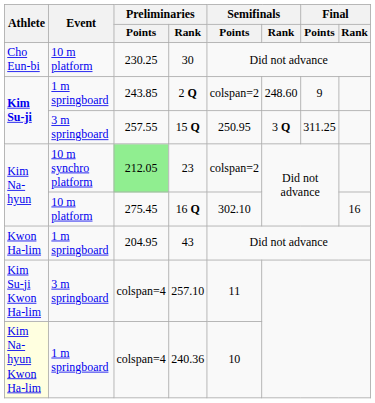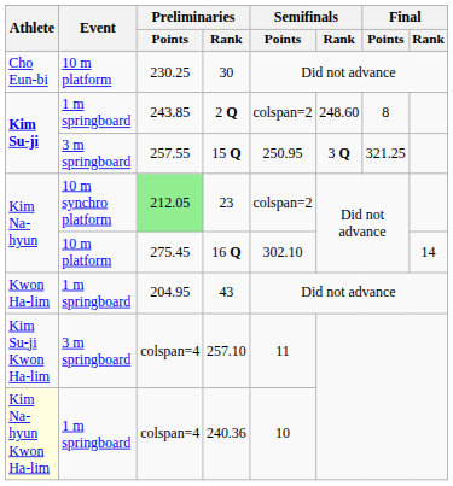 <table class="wikitable" style="text-align:center; font-size:90%; width:50%;">
 <tr>
 <th rowspan=2>Athlete</th>
 <th rowspan=2>Event</th>
 <th colspan=2>Preliminaries</th>
 <th colspan=2>Semifinals</th>
 <th colspan=2>Final</th>
 </tr>
 <tr style="font-size:95%">
 <th>Points</th>
 <th>Rank</th>
 <th>Points</th>
 <th>Rank</th>
 <th>Points</th>
 <th>Rank</th>
 </tr>
 <tr>
 <td align=left><a href='#'>Cho Eun-bi</a></td>
 <td align=left><a href='#'>10 m platform</a></td>
 <td>230.25</td>
 <td>30</td>
 <td colspan=4>Did not advance</td>
 </tr>
 <tr>
 <td align=left rowspan=2><strong><a href='#'>Kim Su-ji</a></strong></td>
 <td align=left><a href='#'>1 m springboard</a></td>
 <td>243.85</td>
 <td>2 <strong>Q</strong></td>
 <td>colspan=2 </td>
 <td>248.60</td>
-<td>9</td>
+<td>8</td>
 </tr>
 <tr>
 <td align=left><a href='#'>3 m springboard</a></td>
 <td>257.55</td>
 <td>15 <strong>Q</strong></td>
 <td>250.95</td>
 <td>3 <strong>Q</strong></td>
-<td>311.25</td>
+<td>321.25</td>
 <td></td>
 </tr>
 <tr>
 <td align=left rowspan=2><a href='#'>Kim Na-hyun</a></td>
 <td align=left><a href='#'>10 m synchro platform</a></td>
 <td style="background: lightgreen;">212.05</td>
 <td>23</td>
 <td>colspan=2 </td>
 <td colspan=2 rowspan=2>Did not advance</td>
 </tr>
 <tr>
 <td align=left><a href='#'>10 m platform</a></td>
 <td>275.45</td>
 <td>16 <strong>Q</strong></td>
 <td>302.10</td>
-<td>16</td>
+<td>14</td>
 </tr>
 <tr>
 <td align=left><a href='#'>Kwon Ha-lim</a></td>
 <td align=left><a href='#'>1 m springboard</a></td>
 <td>204.95</td>
 <td>43</td>
 <td colspan=4>Did not advance</td>
 </tr>
 <tr>
 <td align=left><a href='#'>Kim Su-ji</a><br> <a href='#'>Kwon Ha-lim</a></td>
 <td align=left><a href='#'>3 m springboard</a></td>
 <td>colspan=4 </td>
 <td>257.10</td>
 <td>11</td>
 </tr>
 <tr>
 <td align=left style="background: lightyellow;"><a href='#'>Kim Na-hyun</a><br> <a href='#'>Kwon Ha-lim</a></td>
 <td align=left><a href='#'>1 m springboard</a></td>
 <td>colspan=4 </td>
 <td>240.36</td>
 <td>10</td>
 </tr>
 </table>
